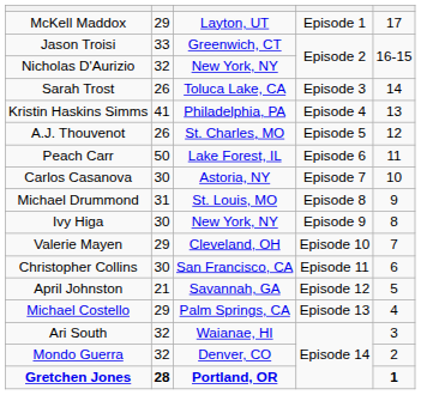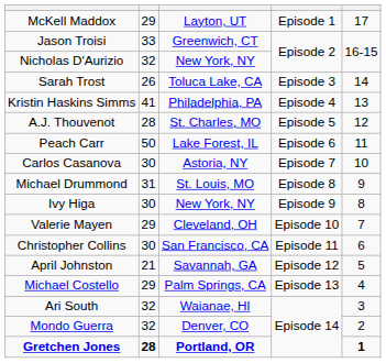 <table class="wikitable sortable" style="text-align:center;">
 <tr>
 <th></th>
 <th></th>
 <th></th>
 <th></th>
 <th></th>
 </tr>
 <tr>
 <td>McKell Maddox</td>
 <td>29</td>
 <td><a href='#'>Layton, UT</a></td>
 <td>Episode 1</td>
 <td>17</td>
 </tr>
 <tr>
 <td>Jason Troisi</td>
 <td>33</td>
 <td><a href='#'>Greenwich, CT</a></td>
 <td rowspan="2">Episode 2</td>
 <td rowspan="2">16-15</td>
 </tr>
 <tr>
 <td>Nicholas D'Aurizio</td>
 <td>32</td>
 <td><a href='#'>New York, NY</a></td>
 </tr>
 <tr>
 <td>Sarah Trost</td>
 <td>26</td>
 <td><a href='#'>Toluca Lake, CA</a></td>
 <td>Episode 3</td>
 <td>14</td>
 </tr>
 <tr>
 <td>Kristin Haskins Simms</td>
 <td>41</td>
 <td><a href='#'>Philadelphia, PA</a></td>
 <td>Episode 4</td>
 <td>13</td>
 </tr>
 <tr>
 <td>A.J. Thouvenot</td>
-<td>26</td>
+<td>28</td>
 <td><a href='#'>St. Charles, MO</a></td>
 <td>Episode 5</td>
 <td>12</td>
 </tr>
 <tr>
 <td>Peach Carr</td>
 <td>50</td>
 <td><a href='#'>Lake Forest, IL</a></td>
 <td>Episode 6</td>
 <td>11</td>
 </tr>
 <tr>
 <td>Carlos Casanova</td>
 <td>30</td>
 <td><a href='#'>Astoria, NY</a></td>
 <td>Episode 7</td>
 <td>10</td>
 </tr>
 <tr>
 <td>Michael Drummond</td>
 <td>31</td>
 <td><a href='#'>St. Louis, MO</a></td>
 <td>Episode 8</td>
 <td>9</td>
 </tr>
 <tr>
 <td>Ivy Higa</td>
 <td>30</td>
 <td><a href='#'>New York, NY</a></td>
 <td>Episode 9</td>
 <td>8</td>
 </tr>
 <tr>
 <td>Valerie Mayen</td>
 <td>29</td>
 <td><a href='#'>Cleveland, OH</a></td>
 <td>Episode 10</td>
 <td>7</td>
 </tr>
 <tr>
 <td>Christopher Collins</td>
 <td>30</td>
 <td><a href='#'>San Francisco, CA</a></td>
 <td>Episode 11</td>
 <td>6</td>
 </tr>
 <tr>
 <td>April Johnston</td>
 <td>21</td>
 <td><a href='#'>Savannah, GA</a></td>
 <td>Episode 12</td>
 <td>5</td>
 </tr>
 <tr>
 <td><a href='#'>Michael Costello</a></td>
 <td>29</td>
 <td><a href='#'>Palm Springs, CA</a></td>
 <td>Episode 13</td>
 <td>4</td>
 </tr>
 <tr>
 <td>Ari South</td>
 <td>32</td>
 <td><a href='#'>Waianae, HI</a></td>
 <td rowspan="3">Episode 14</td>
 <td>3</td>
 </tr>
 <tr>
 <td><a href='#'>Mondo Guerra</a></td>
 <td>32</td>
 <td><a href='#'>Denver, CO</a></td>
 <td>2</td>
 </tr>
 <tr>
 <td><strong><a href='#'>Gretchen Jones </a></strong></td>
 <td><strong>28</strong></td>
 <td><strong><a href='#'>Portland, OR</a></strong></td>
 <td><strong>1</strong></td>
 </tr>
 </table>
